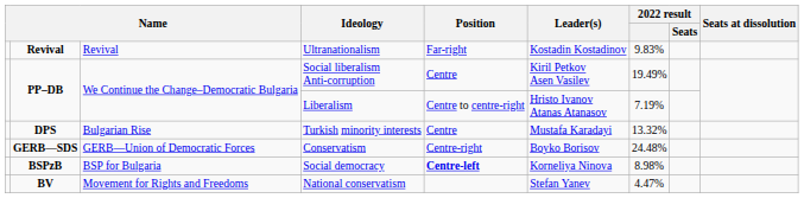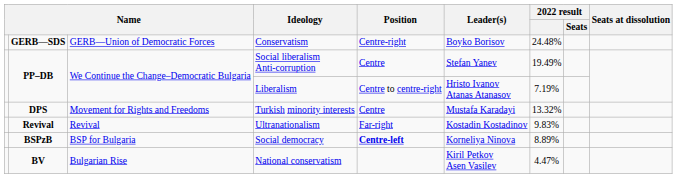 <table class="wikitable">
 <tr>
 <th colspan="3" rowspan="2">Name</th>
 <th rowspan="2">Ideology</th>
 <th rowspan="2">Position</th>
 <th rowspan="2">Leader(s)</th>
 <th colspan="2">2022 result</th>
 <th rowspan="2">Seats at dissolution</th>
 </tr>
 <tr>
 <th></th>
 <th>Seats</th>
 </tr>
 <tr>
 <td style="color:inherit;background:"></td>
-<td style="text-align:center"><strong>Revival</strong></td>
-<td><a href='#'>Revival</a></td>
-<td><a href='#'>Ultranationalism</a></td>
-<td><a href='#'>Far-right</a></td>
-<td><a href='#'>Kostadin Kostadinov</a></td>
-<td style="text-align:center">9.83%</td>
+<td style="text-align:center"><strong>GERB—SDS</strong></td>
+<td><a href='#'>GERB—Union of Democratic Forces</a></td>
+<td><a href='#'>Conservatism</a></td>
+<td><a href='#'>Centre-right</a></td>
+<td><a href='#'>Boyko Borisov</a></td>
+<td style="text-align:center">24.48%</td>
 <td></td>
 <td></td>
 </tr>
 <tr>
 <td rowspan="2" style="color:inherit;background:"></td>
 <td rowspan="2" style="text-align:center"><strong>PP–DB</strong></td>
 <td rowspan="2"><a href='#'>We Continue the Change–Democratic Bulgaria</a></td>
 <td><a href='#'>Social liberalism</a><br><a href='#'>Anti-corruption</a></td>
 <td><a href='#'>Centre</a></td>
-<td><a href='#'>Kiril Petkov</a><br><a href='#'>Asen Vasilev</a></td>
+<td><a href='#'>Stefan Yanev</a></td>
 <td style="text-align:center">19.49%</td>
 <td></td>
 <td rowspan="2"></td>
 </tr>
 <tr>
 <td><a href='#'>Liberalism</a></td>
 <td><a href='#'>Centre</a> to <a href='#'>centre-right</a></td>
 <td><a href='#'>Hristo Ivanov</a><br><a href='#'>Atanas Atanasov</a></td>
 <td style="text-align:center">7.19%</td>
 <td></td>
 </tr>
 <tr>
 <td style="color:inherit;background:"></td>
 <td style="text-align:center"><strong>DPS</strong></td>
-<td><a href='#'>Bulgarian Rise</a></td>
+<td><a href='#'>Movement for Rights and Freedoms</a></td>
 <td><a href='#'>Turkish</a> <a href='#'>minority interests</a></td>
 <td><a href='#'>Centre</a></td>
 <td><a href='#'>Mustafa Karadayi</a></td>
 <td style="text-align:center">13.32%</td>
 <td></td>
 <td></td>
 </tr>
 <tr>
 <td style="color:inherit;background:"></td>
-<td style="text-align:center"><strong>GERB—SDS</strong></td>
-<td><a href='#'>GERB—Union of Democratic Forces</a></td>
-<td><a href='#'>Conservatism</a></td>
-<td><a href='#'>Centre-right</a></td>
-<td><a href='#'>Boyko Borisov</a></td>
-<td style="text-align:center">24.48%</td>
+<td style="text-align:center"><strong>Revival</strong></td>
+<td><a href='#'>Revival</a></td>
+<td><a href='#'>Ultranationalism</a></td>
+<td><a href='#'>Far-right</a></td>
+<td><a href='#'>Kostadin Kostadinov</a></td>
+<td style="text-align:center">9.83%</td>
 <td></td>
 <td></td>
 </tr>
 <tr>
 <td style="color:inherit;background:"></td>
 <td style="text-align:center"><strong>BSPzB</strong></td>
 <td><a href='#'>BSP for Bulgaria</a></td>
 <td><a href='#'>Social democracy</a></td>
 <td><strong><a href='#'>Centre-left</a></strong></td>
 <td><a href='#'>Korneliya Ninova</a></td>
-<td style="text-align:center">8.98%</td>
+<td style="text-align:center">8.89%</td>
 <td></td>
 <td></td>
 </tr>
 <tr>
 <td style="color:inherit;background:"></td>
 <td style="text-align:center"><strong>BV</strong></td>
-<td><a href='#'>Movement for Rights and Freedoms</a></td>
+<td><a href='#'>Bulgarian Rise</a></td>
 <td><a href='#'>National conservatism</a></td>
 <td></td>
-<td><a href='#'>Stefan Yanev</a></td>
+<td><a href='#'>Kiril Petkov</a><br><a href='#'>Asen Vasilev</a></td>
 <td style="text-align:center">4.47%</td>
 <td></td>
 <td></td>
 </tr>
 </table>
